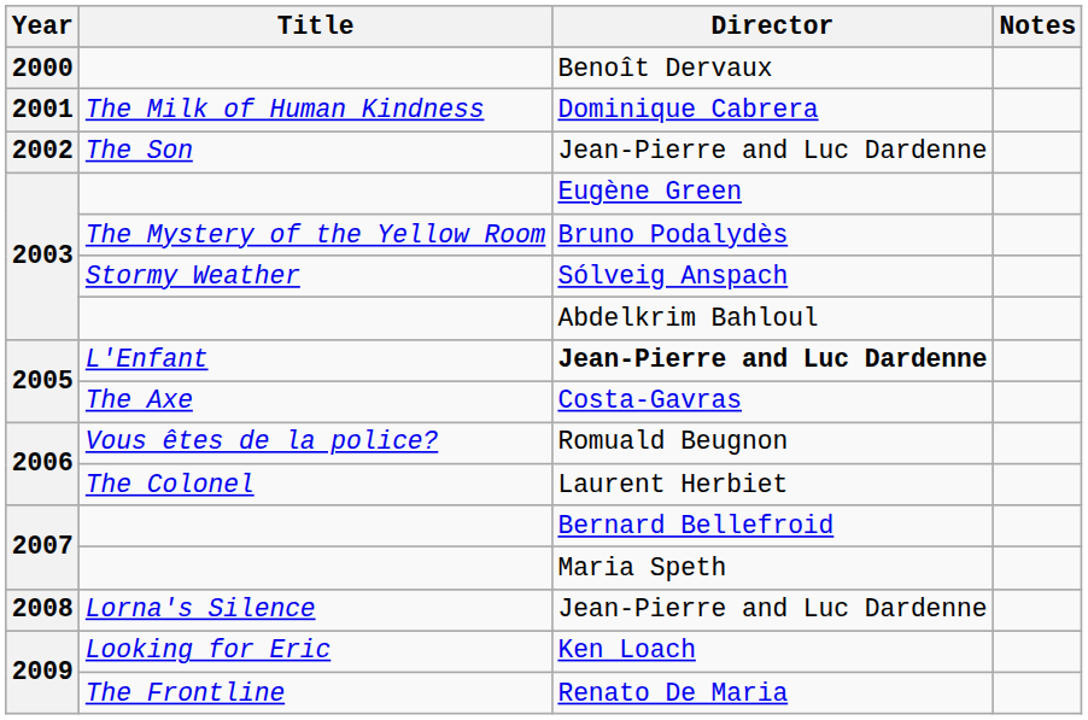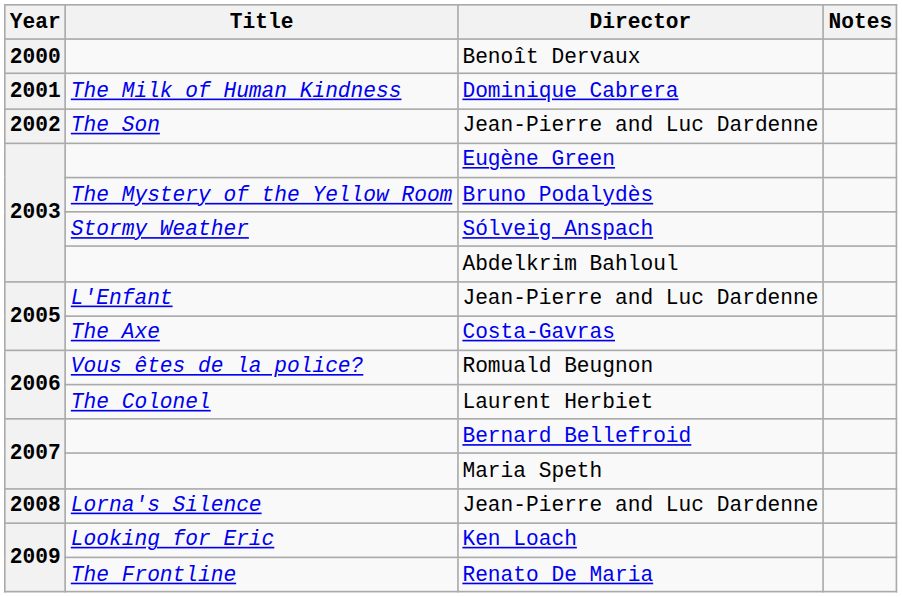 <table class="wikitable plainrowheaders">
 <tr>
 <th>Year</th>
 <th>Title</th>
 <th>Director</th>
 <th scope="col" class="unsortable">Notes</th>
 </tr>
 <tr>
 <th>2000</th>
 <td></td>
 <td>Benoît Dervaux</td>
 <td></td>
 </tr>
 <tr>
 <th>2001</th>
 <td><em><a href='#'>The Milk of Human Kindness</a></em></td>
 <td><a href='#'>Dominique Cabrera</a></td>
 <td></td>
 </tr>
 <tr>
 <th>2002</th>
 <td><em><a href='#'>The Son</a></em></td>
 <td>Jean-Pierre and Luc Dardenne</td>
 <td></td>
 </tr>
 <tr>
 <th rowspan="4">2003</th>
 <td></td>
 <td><a href='#'>Eugène Green</a></td>
 <td></td>
 </tr>
 <tr>
 <td><em><a href='#'>The Mystery of the Yellow Room</a></em></td>
 <td><a href='#'>Bruno Podalydès</a></td>
 <td></td>
 </tr>
 <tr>
 <td><em><a href='#'>Stormy Weather</a></em></td>
 <td><a href='#'>Sólveig Anspach</a></td>
 <td></td>
 </tr>
 <tr>
 <td></td>
 <td>Abdelkrim Bahloul</td>
 <td></td>
 </tr>
 <tr>
 <th rowspan="2">2005</th>
 <td><em><a href='#'>L'Enfant</a></em></td>
-<td><strong>Jean-Pierre and Luc Dardenne</strong></td>
+<td>Jean-Pierre and Luc Dardenne</td>
 <td></td>
 </tr>
 <tr>
 <td><em><a href='#'>The Axe</a></em></td>
 <td><a href='#'>Costa-Gavras</a></td>
 <td></td>
 </tr>
 <tr>
 <th rowspan="2">2006</th>
 <td><em><a href='#'>Vous êtes de la police?</a></em></td>
 <td>Romuald Beugnon</td>
 <td></td>
 </tr>
 <tr>
 <td><em><a href='#'>The Colonel</a></em></td>
 <td>Laurent Herbiet</td>
 <td></td>
 </tr>
 <tr>
 <th rowspan="2">2007</th>
 <td></td>
 <td><a href='#'>Bernard Bellefroid</a></td>
 <td></td>
 </tr>
 <tr>
 <td></td>
 <td>Maria Speth</td>
 <td></td>
 </tr>
 <tr>
 <th>2008</th>
 <td><em><a href='#'>Lorna's Silence</a></em></td>
 <td>Jean-Pierre and Luc Dardenne</td>
 <td></td>
 </tr>
 <tr>
 <th rowspan="2">2009</th>
 <td><em><a href='#'>Looking for Eric</a></em></td>
 <td><a href='#'>Ken Loach</a></td>
 <td></td>
 </tr>
 <tr>
 <td><em><a href='#'>The Frontline</a></em></td>
 <td><a href='#'>Renato De Maria</a></td>
 <td></td>
 </tr>
 </table>
